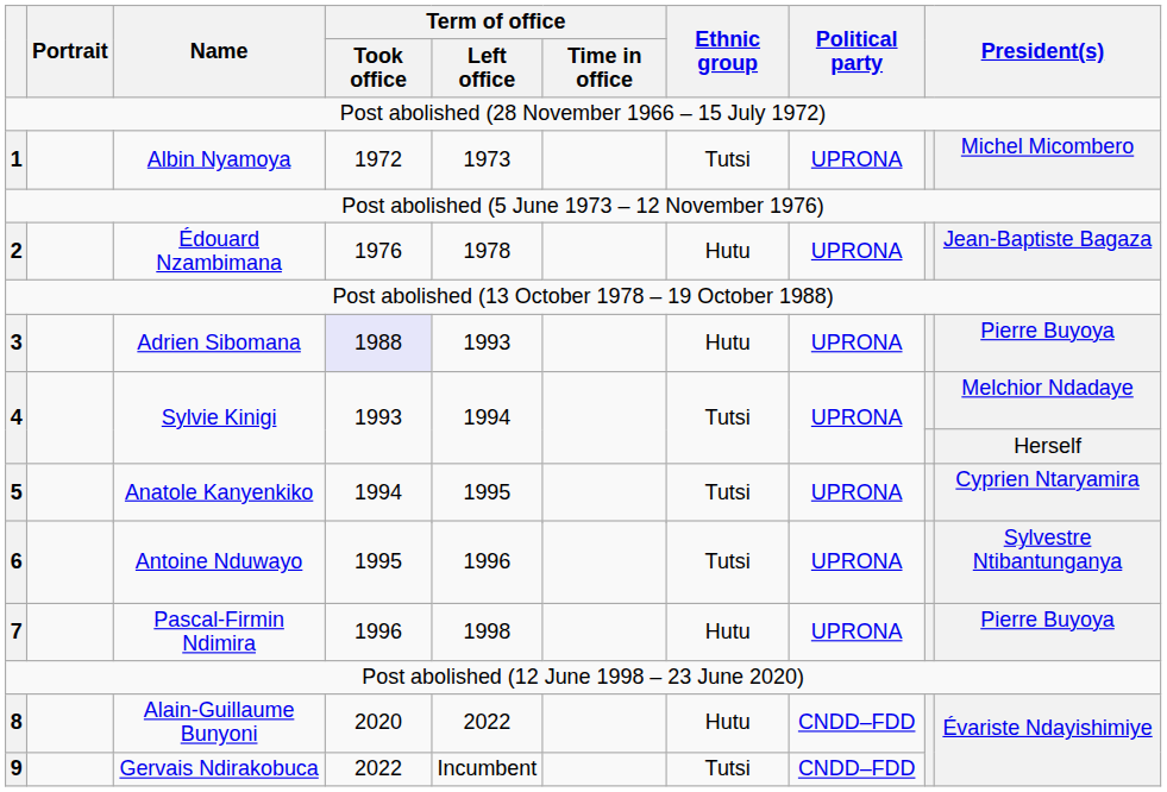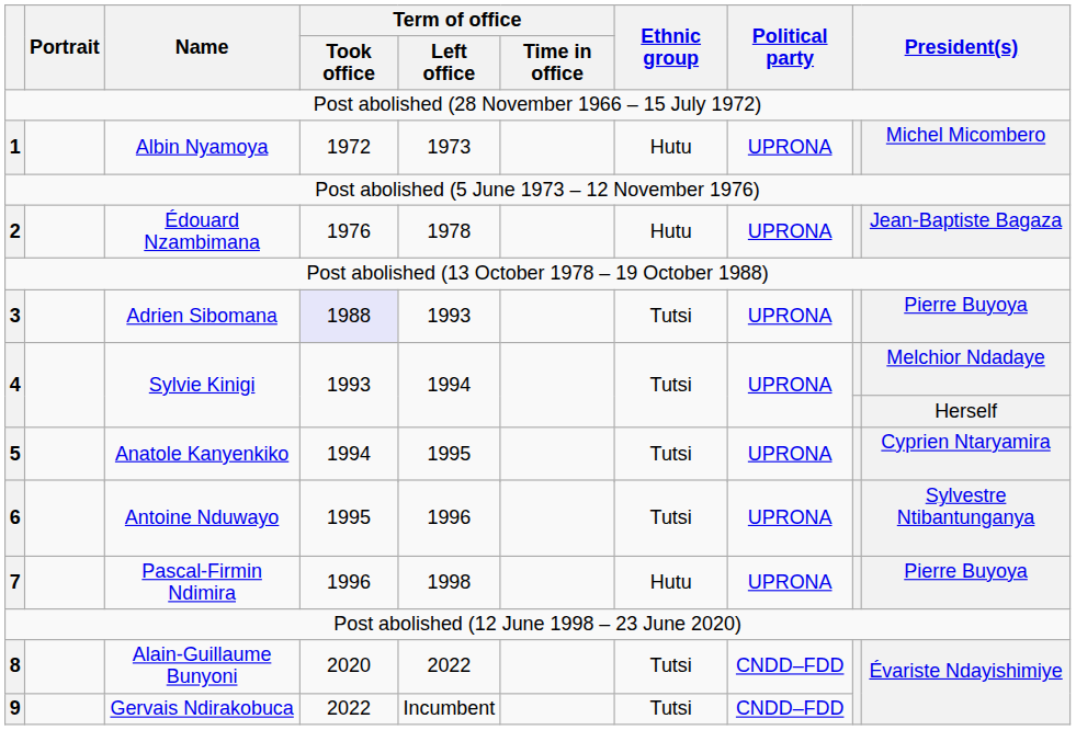 <table class="wikitable" style="text-align:center">
 <tr>
 <th rowspan="2"></th>
 <th rowspan="2">Portrait</th>
 <th rowspan="2">Name<br></th>
 <th colspan="3">Term of office</th>
 <th rowspan="2"><a href='#'>Ethnic group</a></th>
 <th rowspan="2"><a href='#'>Political party</a></th>
 <th rowspan="2" colspan="2"><a href='#'>President(s)</a><br></th>
 </tr>
 <tr>
 <th>Took office</th>
 <th>Left office</th>
 <th>Time in office</th>
 </tr>
 <tr>
 <td colspan="10">Post abolished (28 November 1966 – 15 July 1972)</td>
 </tr>
 <tr>
 <th style="background:">1</th>
 <td></td>
 <td><a href='#'>Albin Nyamoya</a><br></td>
 <td> 1972</td>
 <td> 1973</td>
 <td></td>
-<td>Tutsi</td>
+<td>Hutu</td>
 <td><a href='#'>UPRONA</a></td>
 <th rowspan="1" style="background:"></th>
 <th rowspan="1" style="font-weight:normal"><a href='#'>Michel Micombero</a><br><br></th>
 </tr>
 <tr>
 <td colspan="10">Post abolished (5 June 1973 – 12 November 1976)</td>
 </tr>
 <tr>
 <th style="background:">2</th>
 <td></td>
 <td><a href='#'>Édouard Nzambimana</a><br></td>
 <td> 1976</td>
 <td> 1978</td>
 <td></td>
 <td>Hutu</td>
 <td><a href='#'>UPRONA</a></td>
 <th rowspan="1" style="background:"></th>
 <th rowspan="1" style="font-weight:normal"><a href='#'>Jean-Baptiste Bagaza</a><br><br></th>
 </tr>
 <tr>
 <td colspan="10">Post abolished (13 October 1978 – 19 October 1988)</td>
 </tr>
 <tr>
 <th style="background:">3</th>
 <td></td>
 <td><a href='#'>Adrien Sibomana</a><br></td>
 <td style="background: lavender;"> 1988</td>
 <td> 1993</td>
 <td></td>
-<td>Hutu</td>
+<td>Tutsi</td>
 <td><a href='#'>UPRONA</a></td>
 <th rowspan="1" style="background:"></th>
 <th rowspan="1" style="font-weight:normal"><a href='#'>Pierre Buyoya</a><br><br></th>
 </tr>
 <tr>
 <th rowspan=3 style="background:">4</th>
 <td rowspan=3></td>
 <td rowspan=3><a href='#'>Sylvie Kinigi</a><br></td>
 <td rowspan=3> 1993</td>
 <td rowspan=3> 1994</td>
 <td rowspan=3></td>
 <td rowspan=3>Tutsi</td>
 <td rowspan=3><a href='#'>UPRONA</a></td>
 <th rowspan="1" style="background:"></th>
 <th rowspan="1" style="font-weight:normal"><a href='#'>Melchior Ndadaye</a><br><br></th>
 </tr>
 <tr>
 <th rowspan="1" style="background:"></th>
 <th rowspan="1" style="font-weight:normal">Herself<br></th>
 </tr>
 <tr>
 <th rowspan="2" style="background:"></th>
 <th rowspan="2" style="font-weight:normal"><a href='#'>Cyprien Ntaryamira</a><br><br></th>
 </tr>
 <tr>
 <th rowspan=2 style="background:">5</th>
 <td rowspan=2></td>
 <td rowspan=2><a href='#'>Anatole Kanyenkiko</a><br></td>
 <td rowspan=2> 1994</td>
 <td rowspan=2> 1995</td>
 <td rowspan=2></td>
 <td rowspan=2>Tutsi</td>
 <td rowspan=2><a href='#'>UPRONA</a></td>
 </tr>
 <tr>
 <th rowspan="2" style="background:"></th>
 <th rowspan="2" style="font-weight:normal"><a href='#'>Sylvestre Ntibantunganya</a><br><br></th>
 </tr>
 <tr>
 <th style="background:">6</th>
 <td></td>
 <td><a href='#'>Antoine Nduwayo</a><br></td>
 <td> 1995</td>
 <td> 1996<br></td>
 <td></td>
 <td>Tutsi</td>
 <td><a href='#'>UPRONA</a></td>
 </tr>
 <tr>
 <th style="background:">7</th>
 <td></td>
 <td><a href='#'>Pascal-Firmin Ndimira</a><br></td>
 <td> 1996</td>
 <td> 1998</td>
 <td></td>
 <td>Hutu</td>
 <td><a href='#'>UPRONA</a></td>
 <th rowspan="1" style="background:"></th>
 <th rowspan="1" style="font-weight:normal"><a href='#'>Pierre Buyoya</a><br><br></th>
 </tr>
 <tr>
 <td colspan="10">Post abolished (12 June 1998 – 23 June 2020)</td>
 </tr>
 <tr>
 <th style="background:">8</th>
 <td></td>
 <td><a href='#'>Alain-Guillaume Bunyoni</a><br></td>
 <td> 2020</td>
 <td> 2022</td>
 <td></td>
-<td>Hutu</td>
+<td>Tutsi</td>
 <td><a href='#'>CNDD–FDD</a></td>
 <th rowspan="2" style="background:"></th>
 <th rowspan="2" style="font-weight:normal"><a href='#'>Évariste Ndayishimiye</a><br><br></th>
 </tr>
 <tr>
 <th style="background:">9</th>
 <td></td>
 <td><a href='#'>Gervais Ndirakobuca</a><br></td>
 <td> 2022</td>
 <td>Incumbent</td>
 <td></td>
 <td>Tutsi</td>
 <td><a href='#'>CNDD–FDD</a></td>
 </tr>
 </table>
